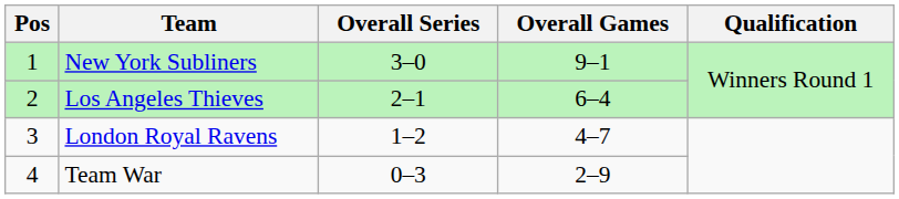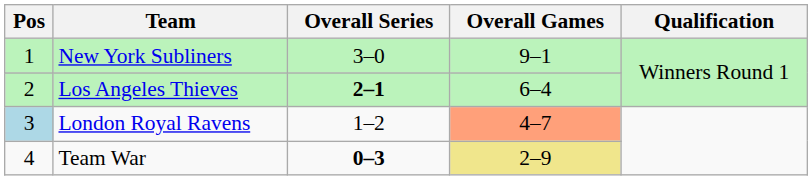 <table class="wikitable" width="600px" style="text-align:center">
 <tr>
 <th>Pos</th>
 <th>Team</th>
 <th>Overall Series</th>
 <th>Overall Games</th>
 <th>Qualification</th>
 </tr>
 <tr style="background:#BBF3BB">
 <td>1</td>
 <td style="text-align:left"><a href='#'>New York Subliners</a></td>
 <td>3–0</td>
 <td>9–1</td>
 <td rowspan="2">Winners Round 1</td>
 </tr>
 <tr style="background:#BBF3BB">
 <td>2</td>
 <td style="text-align:left"><a href='#'>Los Angeles Thieves</a></td>
-<td>2–1</td>
+<td><strong>2–1</strong></td>
 <td>6–4</td>
 </tr>
 <tr>
-<td>3</td>
+<td style="background: lightblue;">3</td>
 <td style="text-align:left;"><a href='#'>London Royal Ravens</a></td>
 <td>1–2</td>
-<td>4–7</td>
+<td style="background: lightsalmon;">4–7</td>
 </tr>
 <tr>
 <td>4</td>
 <td style="text-align:left;">Team War</td>
-<td>0–3</td>
-<td>2–9</td>
+<td><strong>0–3</strong></td>
+<td style="background: khaki;">2–9</td>
 </tr>
 </table>
